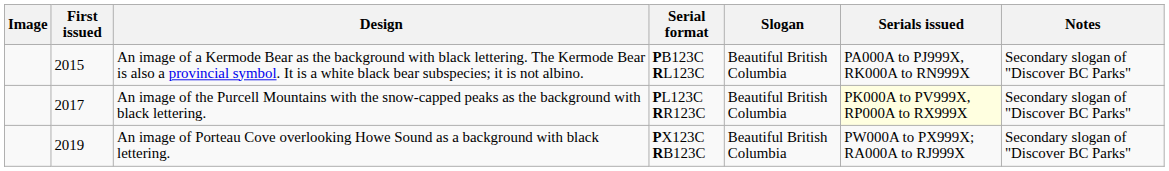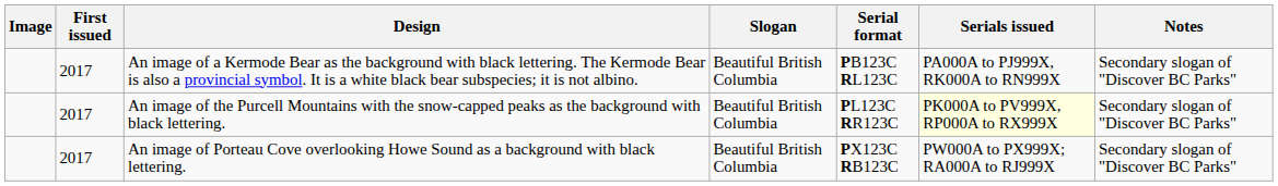 <table class="wikitable">
 <tr>
 <th>Image</th>
 <th>First issued</th>
 <th>Design</th>
+<th>Slogan</th>
 <th>Serial format</th>
-<th>Slogan</th>
 <th>Serials issued</th>
 <th>Notes</th>
 </tr>
 <tr>
 <td></td>
-<td>2015</td>
+<td>2017</td>
 <td>An image of a Kermode Bear as the background with black lettering. The Kermode Bear is also a <a href='#'>provincial symbol</a>. It is a white black bear subspecies; it is not albino.</td>
+<td>Beautiful British Columbia</td>
 <td><strong>P</strong>B123C<br><strong>R</strong>L123C</td>
-<td>Beautiful British Columbia</td>
 <td>PA000A to PJ999X, RK000A to RN999X</td>
 <td>Secondary slogan of "Discover BC Parks"</td>
 </tr>
 <tr>
 <td></td>
 <td>2017</td>
 <td>An image of the Purcell Mountains with the snow-capped peaks as the background with black lettering.</td>
+<td>Beautiful British Columbia</td>
 <td><strong>P</strong>L123C<br><strong>R</strong>R123C</td>
-<td>Beautiful British Columbia</td>
 <td style="background: lightyellow;">PK000A to PV999X, RP000A to RX999X</td>
 <td>Secondary slogan of "Discover BC Parks"</td>
 </tr>
 <tr>
 <td></td>
-<td>2019</td>
+<td>2017</td>
 <td>An image of Porteau Cove overlooking Howe Sound as a background with black lettering.</td>
+<td>Beautiful British Columbia</td>
 <td><strong>P</strong>X123C<br><strong>R</strong>B123C</td>
-<td>Beautiful British Columbia</td>
 <td>PW000A to PX999X; RA000A to RJ999X</td>
 <td>Secondary slogan of "Discover BC Parks"</td>
 </tr>
 </table>
